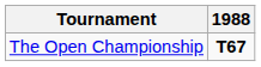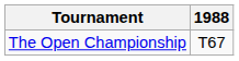 <table class="wikitable" style="font-size:95%;text-align:center;">
 <tr>
 <th>Tournament</th>
 <th>1988</th>
 </tr>
 <tr>
 <td align="left"><a href='#'>The Open Championship</a></td>
-<td><strong>T67</strong></td>
+<td>T67</td>
 </tr>
 </table>
